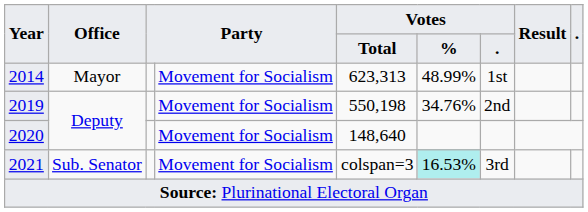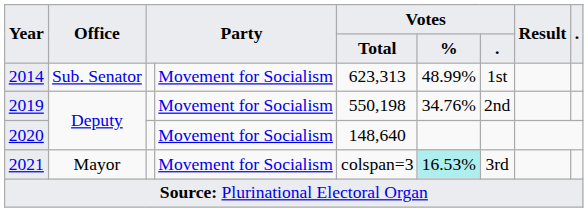 <table class="wikitable" style="font-size:90%; text-align:center;">
 <tr>
 <th style="background-color:#EAECF0;" rowspan=2>Year</th>
 <th style="background-color:#EAECF0;" rowspan=2>Office</th>
 <th style="background-color:#EAECF0;" colspan=2 rowspan=2>Party</th>
 <th style="background-color:#EAECF0;" colspan=3>Votes</th>
 <th style="background-color:#EAECF0;" rowspan=2>Result</th>
 <th style="background-color:#EAECF0;" rowspan=2>.</th>
 </tr>
 <tr>
 <th style="background-color:#EAECF0;">Total</th>
 <th style="background-color:#EAECF0;">%</th>
 <th style="background-color:#EAECF0;">.</th>
 </tr>
 <tr>
 <td style="background-color:#EAECF0;"><a href='#'>2014</a></td>
-<td>Mayor</td>
+<td><a href='#'>Sub. Senator</a></td>
 <td style="background-color:"></td>
 <td><a href='#'>Movement for Socialism</a></td>
 <td>623,313</td>
 <td>48.99%</td>
 <td>1st</td>
 <td></td>
 <td></td>
 </tr>
 <tr>
 <td style="background-color:#EAECF0;"><a href='#'>2019</a></td>
 <td rowspan=2><a href='#'>Deputy</a></td>
 <td style="background-color:"></td>
 <td><a href='#'>Movement for Socialism</a></td>
 <td>550,198</td>
 <td>34.76%</td>
 <td>2nd</td>
 <td></td>
 <td></td>
 </tr>
 <tr>
 <td style="background-color:#EAECF0;"><a href='#'>2020</a></td>
 <td style="background-color:"></td>
 <td><a href='#'>Movement for Socialism</a></td>
 <td>148,640</td>
 <td></td>
 <td></td>
 </tr>
 <tr>
 <td style="background-color:#EAECF0;"><a href='#'>2021</a></td>
-<td><a href='#'>Sub. Senator</a></td>
+<td>Mayor</td>
 <td style="background-color:"></td>
 <td><a href='#'>Movement for Socialism</a></td>
 <td>colspan=3 </td>
 <td style="background: paleturquoise;">16.53%</td>
 <td>3rd</td>
 <td></td>
 <td></td>
 </tr>
 <tr>
 <td style="background-color:#EAECF0;" colspan=9><strong>Source:</strong> <a href='#'>Plurinational Electoral Organ</a>  </td>
 </tr>
 </table>
